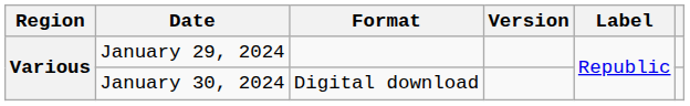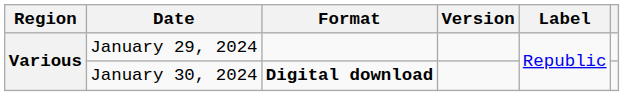 <table class="wikitable plainrowheaders">
 <tr>
 <th scope="col">Region</th>
 <th scope="col">Date</th>
 <th scope="col">Format</th>
 <th scope="col">Version</th>
 <th scope="col">Label</th>
 <th scope="col"></th>
 </tr>
 <tr>
 <th scope="row" rowspan="2">Various</th>
 <td>January 29, 2024</td>
 <td></td>
 <td></td>
 <td rowspan="2"><a href='#'>Republic</a></td>
 <td style="text-align:center;"></td>
 </tr>
 <tr>
 <td>January 30, 2024</td>
-<td>Digital download</td>
+<td><strong>Digital download</strong></td>
 <td></td>
 <td style="text-align:center;"></td>
 </tr>
 </table>
